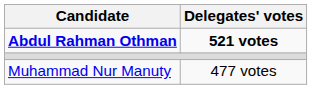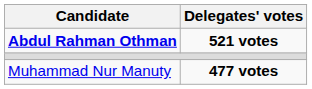 <table class=wikitable style=text-align:center>
 <tr>
 <th>Candidate</th>
 <th>Delegates' votes</th>
 </tr>
 <tr>
 <td align=left><strong><a href='#'>Abdul Rahman Othman</a></strong></td>
 <td><strong>521 votes</strong></td>
 </tr>
 <tr>
 <td colspan=3 bgcolor=dcdcdc></td>
 </tr>
 <tr>
 <td align=left><a href='#'>Muhammad Nur Manuty</a></td>
-<td>477 votes</td>
+<td><strong>477 votes</strong></td>
 </tr>
 </table>
